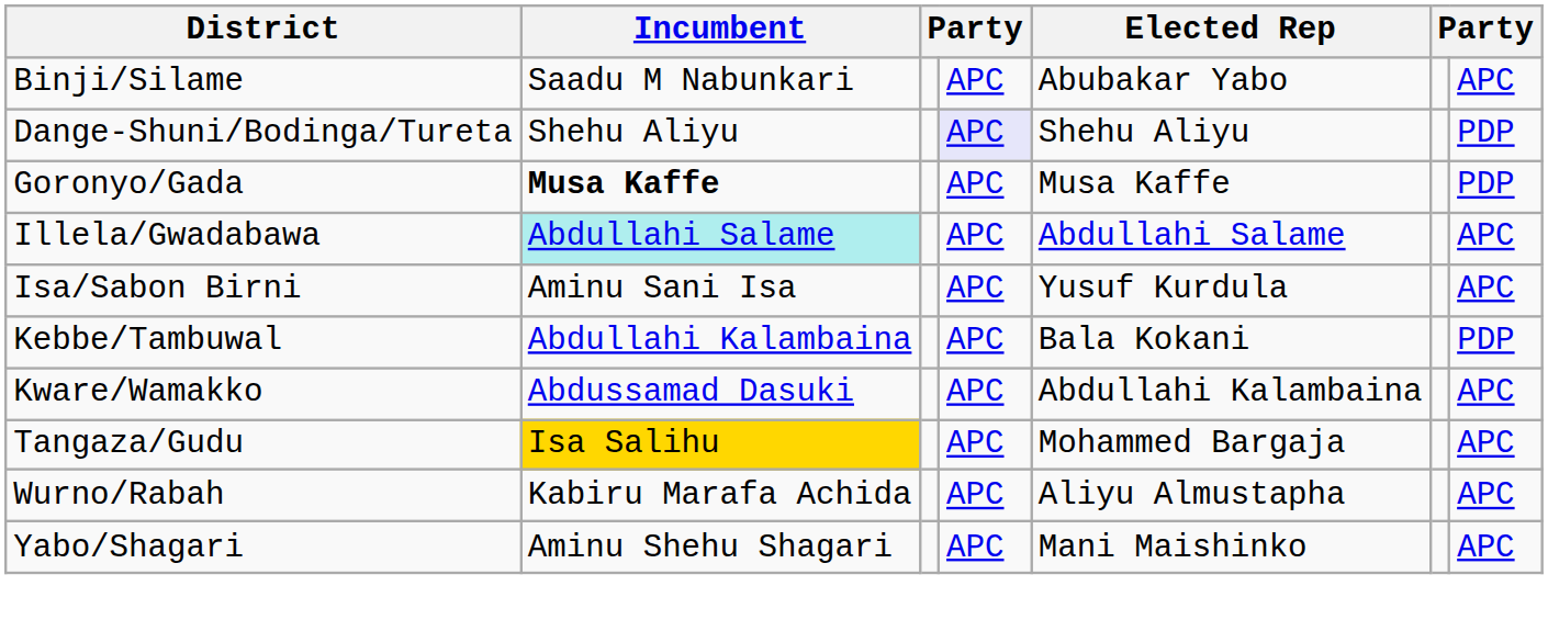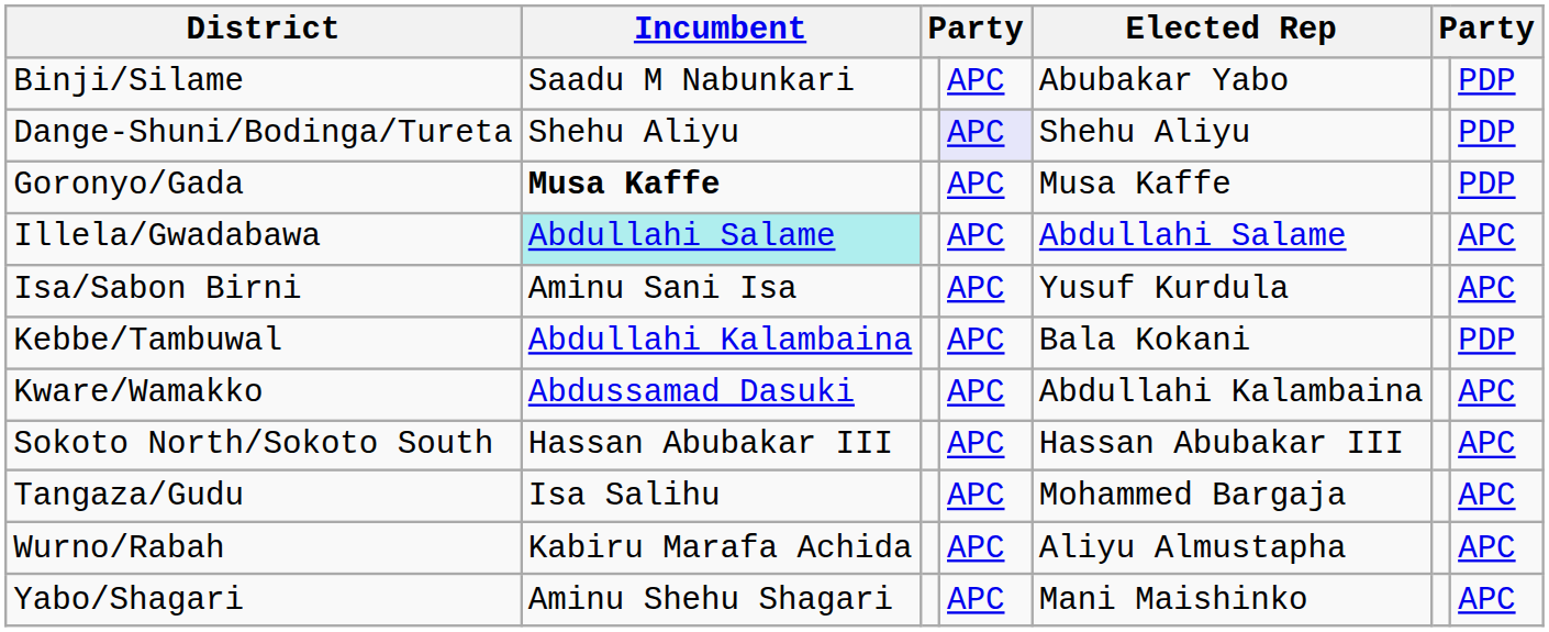 <table class="sortable wikitable" style="font-size:95%;line-height:14px;">
 <tr>
 <th class="unsortable">District</th>
 <th class="unsortable"><a href='#'>Incumbent</a></th>
 <th colspan="2">Party</th>
 <th class="unsortable">Elected Rep</th>
 <th colspan="2">Party</th>
 </tr>
 <tr>
 <td>Binji/Silame</td>
 <td>Saadu M Nabunkari</td>
 <td style="background:"></td>
 <td><a href='#'>APC</a></td>
 <td>Abubakar Yabo</td>
 <td style="background:"></td>
-<td><a href='#'>APC</a></td>
+<td><a href='#'>PDP</a></td>
 </tr>
 <tr>
 <td>Dange-Shuni/Bodinga/Tureta</td>
 <td>Shehu Aliyu</td>
 <td style="background:"></td>
 <td style="background: lavender;"><a href='#'>APC</a></td>
 <td>Shehu Aliyu</td>
 <td style="background:"></td>
 <td><a href='#'>PDP</a></td>
 </tr>
 <tr>
 <td>Goronyo/Gada</td>
 <td><strong>Musa Kaffe</strong></td>
 <td style="background:"></td>
 <td><a href='#'>APC</a></td>
 <td>Musa Kaffe</td>
 <td style="background:"></td>
 <td><a href='#'>PDP</a></td>
 </tr>
 <tr>
 <td>Illela/Gwadabawa</td>
 <td style="background: paleturquoise;"><a href='#'>Abdullahi Salame</a></td>
 <td style="background:"></td>
 <td><a href='#'>APC</a></td>
 <td><a href='#'>Abdullahi Salame</a></td>
 <td style="background:"></td>
 <td><a href='#'>APC</a></td>
 </tr>
 <tr>
 <td>Isa/Sabon Birni</td>
 <td>Aminu Sani Isa</td>
 <td style="background:"></td>
 <td><a href='#'>APC</a></td>
 <td>Yusuf Kurdula</td>
 <td style="background:"></td>
 <td><a href='#'>APC</a></td>
 </tr>
 <tr>
 <td>Kebbe/Tambuwal</td>
 <td><a href='#'>Abdullahi Kalambaina</a></td>
 <td style="background:"></td>
 <td><a href='#'>APC</a></td>
 <td>Bala Kokani</td>
 <td style="background:"></td>
 <td><a href='#'>PDP</a></td>
 </tr>
 <tr>
 <td>Kware/Wamakko</td>
 <td><a href='#'>Abdussamad Dasuki</a></td>
 <td style="background:"></td>
 <td><a href='#'>APC</a></td>
 <td>Abdullahi Kalambaina</td>
 <td style="background:"></td>
 <td><a href='#'>APC</a></td>
 </tr>
 <tr>
+<td>Sokoto North/Sokoto South</td>
+<td>Hassan Abubakar III</td>
+<td style="background:"></td>
+<td><a href='#'>APC</a></td>
+<td>Hassan Abubakar III</td>
+<td style="background:"></td>
+<td><a href='#'>APC</a></td>
+</tr>
+<tr>
 <td>Tangaza/Gudu</td>
-<td style="background: gold;">Isa Salihu</td>
+<td>Isa Salihu</td>
 <td style="background:"></td>
 <td><a href='#'>APC</a></td>
 <td>Mohammed Bargaja</td>
 <td style="background:"></td>
 <td><a href='#'>APC</a></td>
 </tr>
 <tr>
 <td>Wurno/Rabah</td>
 <td>Kabiru Marafa Achida</td>
 <td style="background:"></td>
 <td><a href='#'>APC</a></td>
 <td>Aliyu Almustapha</td>
 <td style="background:"></td>
 <td><a href='#'>APC</a></td>
 </tr>
 <tr>
 <td>Yabo/Shagari</td>
 <td>Aminu Shehu Shagari</td>
 <td style="background:"></td>
 <td><a href='#'>APC</a></td>
 <td>Mani Maishinko</td>
 <td style="background:"></td>
 <td><a href='#'>APC</a></td>
 </tr>
 </table>
